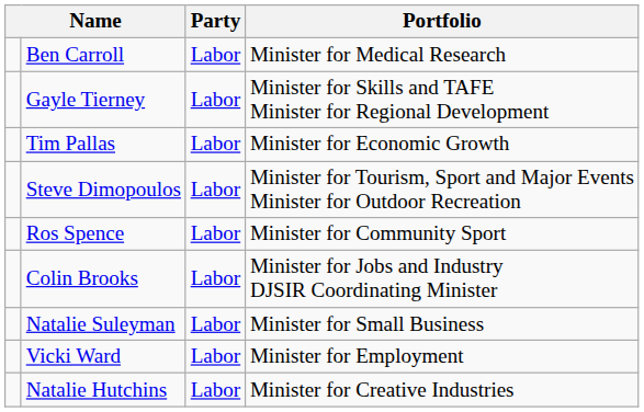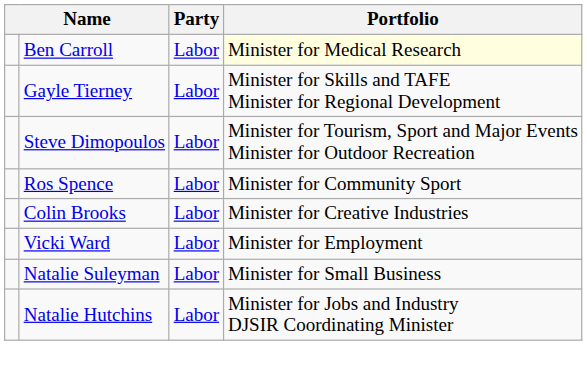 <table class="wikitable">
 <tr>
 <th colspan="2">Name</th>
 <th>Party</th>
 <th>Portfolio</th>
 </tr>
 <tr>
 <td width=5px style="color:inherit;background:"></td>
 <td><a href='#'>Ben Carroll</a></td>
 <td><a href='#'>Labor</a></td>
-<td>Minister for Medical Research</td>
+<td style="background: lightyellow;">Minister for Medical Research</td>
 </tr>
 <tr>
 <td width=5px style="color:inherit;background:"></td>
 <td><a href='#'>Gayle Tierney</a></td>
 <td><a href='#'>Labor</a></td>
 <td>Minister for Skills and TAFE<br>Minister for Regional Development</td>
-</tr>
-<tr>
-<td width=5px style="color:inherit;background:"></td>
-<td><a href='#'>Tim Pallas</a></td>
-<td><a href='#'>Labor</a></td>
-<td>Minister for Economic Growth</td>
 </tr>
 <tr>
 <td width=5px style="color:inherit;background:"></td>
 <td><a href='#'>Steve Dimopoulos</a></td>
 <td><a href='#'>Labor</a></td>
 <td>Minister for Tourism, Sport and Major Events<br>Minister for Outdoor Recreation</td>
 </tr>
 <tr>
 <td width=5px style="color:inherit;background:"></td>
 <td><a href='#'>Ros Spence</a></td>
 <td><a href='#'>Labor</a></td>
 <td>Minister for Community Sport</td>
 </tr>
 <tr>
 <td width=5px style="color:inherit;background:"></td>
 <td><a href='#'>Colin Brooks</a></td>
 <td><a href='#'>Labor</a></td>
-<td>Minister for Jobs and Industry<br>DJSIR Coordinating Minister</td>
+<td>Minister for Creative Industries</td>
+</tr>
+<tr>
+<td width=5px style="color:inherit;background:"></td>
+<td><a href='#'>Vicki Ward</a></td>
+<td><a href='#'>Labor</a></td>
+<td>Minister for Employment</td>
 </tr>
 <tr>
 <td width=5px style="color:inherit;background:"></td>
 <td><a href='#'>Natalie Suleyman</a></td>
 <td><a href='#'>Labor</a></td>
 <td>Minister for Small Business</td>
 </tr>
 <tr>
 <td width=5px style="color:inherit;background:"></td>
-<td><a href='#'>Vicki Ward</a></td>
-<td><a href='#'>Labor</a></td>
-<td>Minister for Employment</td>
-</tr>
-<tr>
-<td width=5px style="color:inherit;background:"></td>
 <td><a href='#'>Natalie Hutchins</a></td>
 <td><a href='#'>Labor</a></td>
-<td>Minister for Creative Industries</td>
+<td>Minister for Jobs and Industry<br>DJSIR Coordinating Minister</td>
 </tr>
 </table>
